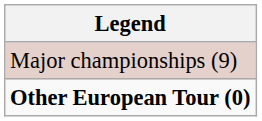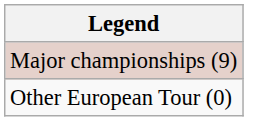 <table class="wikitable" style="font-size:95%;">
 <tr>
 <th>Legend</th>
 </tr>
 <tr style="background:#e5d1cb;">
 <td>Major championships (9)</td>
 </tr>
 <tr>
-<td><strong>Other European Tour (0)</strong></td>
+<td>Other European Tour (0)</td>
 </tr>
 </table>
